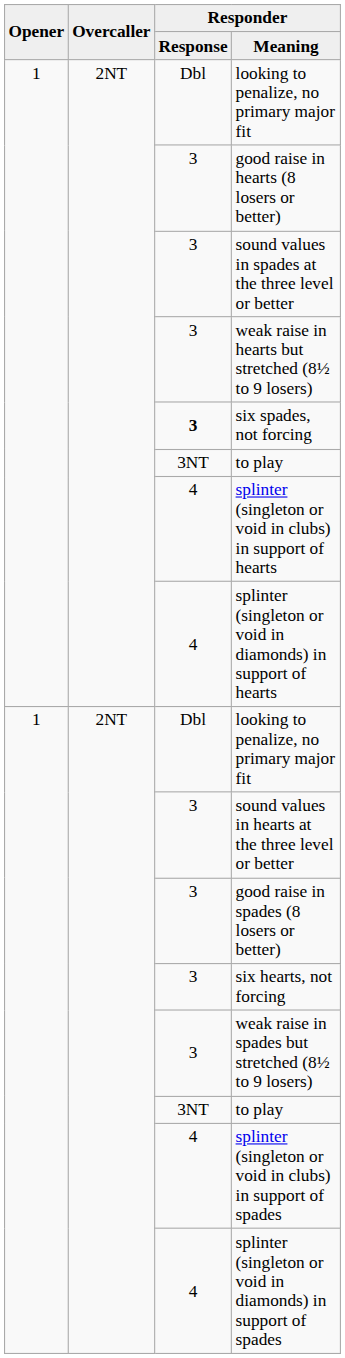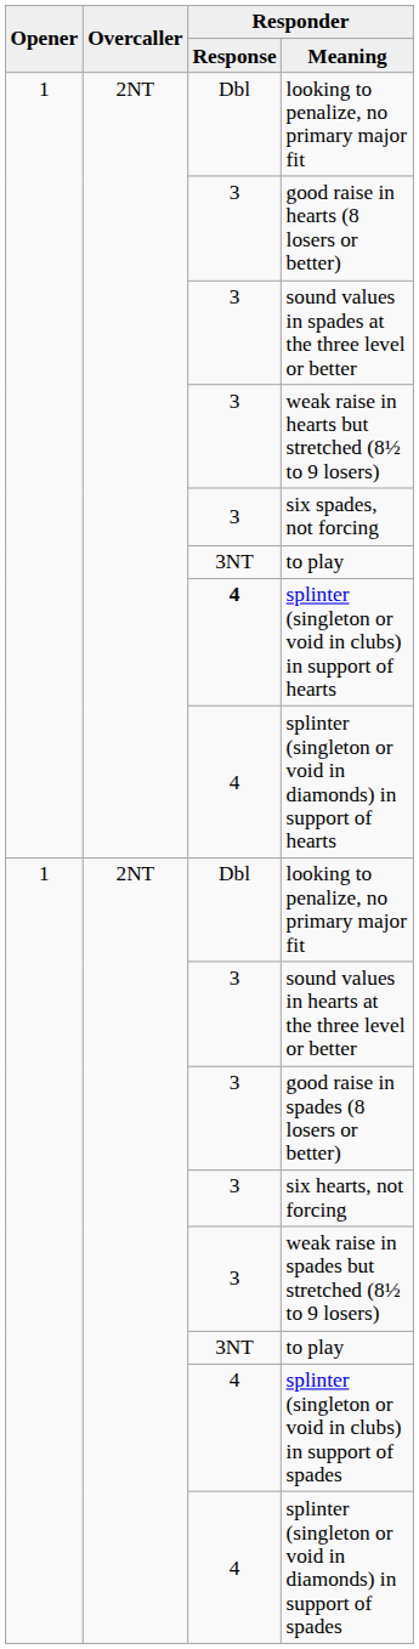 <table class="wikitable" width=50%>
 <tr>
 <td rowspan=2 style="background: #EFEFEF" align=center><strong>Opener</strong></td>
 <td rowspan=2 style="background: #EFEFEF; text-align: center"><strong>Overcaller</strong></td>
 <td colspan="2" style="text-align: center; background:#EFEFEF"><strong>Responder</strong></td>
 </tr>
 <tr>
 <td style="text-align: center; background: #EFEFEF"><strong>Response</strong></td>
 <td style="text-align: center; background: #EFEFEF"><strong>Meaning</strong></td>
 </tr>
 <tr align="left" valign="top">
 <td rowspan="8" align=center>1</td>
 <td rowspan="8" align=center>2NT</td>
 <td align=center>Dbl</td>
 <td>looking to penalize, no primary major fit</td>
 </tr>
 <tr>
 <td valign=top align=center>3</td>
 <td>good raise in hearts (8 losers or better)</td>
 </tr>
 <tr>
 <td valign=top align=center>3</td>
 <td>sound values in spades at the three level or better</td>
 </tr>
 <tr>
 <td valign=top align=center>3</td>
 <td>weak raise in hearts but stretched (8½ to 9 losers)</td>
 </tr>
 <tr>
-<td align=center><strong>3</strong></td>
+<td align=center>3</td>
 <td>six spades, not forcing</td>
 </tr>
 <tr>
 <td valign=top align=center>3NT</td>
 <td>to play</td>
 </tr>
 <tr>
-<td valign=top align=center>4</td>
+<td valign=top align=center><strong>4</strong></td>
 <td><a href='#'>splinter</a> (singleton or void in clubs) in support of hearts</td>
 </tr>
 <tr>
 <td align=center>4</td>
 <td>splinter (singleton or void in diamonds) in support of hearts</td>
 </tr>
 <tr align="left" valign="top">
 <td rowspan="8" align=center>1</td>
 <td rowspan="8" align=center>2NT</td>
 <td align=center>Dbl</td>
 <td>looking to penalize, no primary major fit</td>
 </tr>
 <tr>
 <td valign=top align=center>3</td>
 <td>sound values in hearts at the three level or better</td>
 </tr>
 <tr>
 <td valign=top align=center>3</td>
 <td>good raise in spades (8 losers or better)</td>
 </tr>
 <tr>
 <td valign=top align=center>3</td>
 <td>six hearts, not forcing</td>
 </tr>
 <tr>
 <td align=center>3</td>
 <td>weak raise in spades but stretched (8½ to 9 losers)</td>
 </tr>
 <tr>
 <td valign=top align=center>3NT</td>
 <td>to play</td>
 </tr>
 <tr>
 <td valign=top align=center>4</td>
 <td><a href='#'>splinter</a> (singleton or void in clubs) in support of spades</td>
 </tr>
 <tr>
 <td align=center>4</td>
 <td>splinter (singleton or void in diamonds) in support of spades</td>
 </tr>
 </table>
